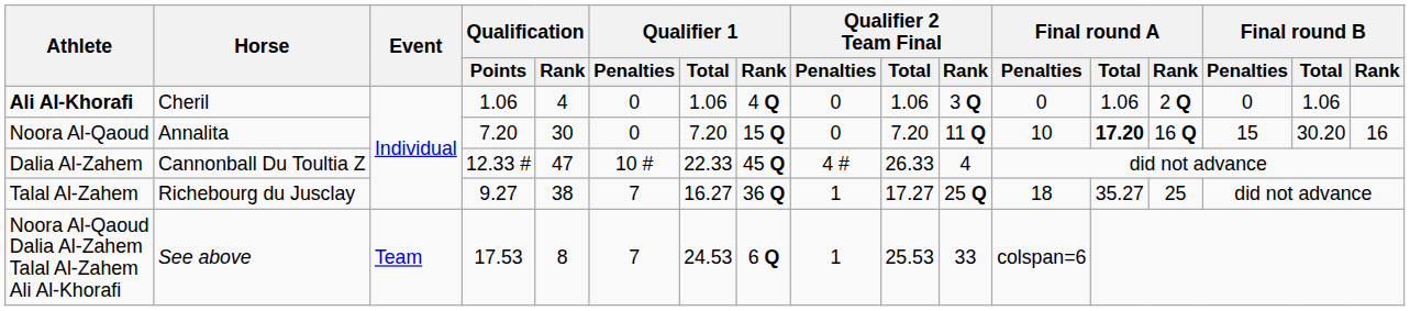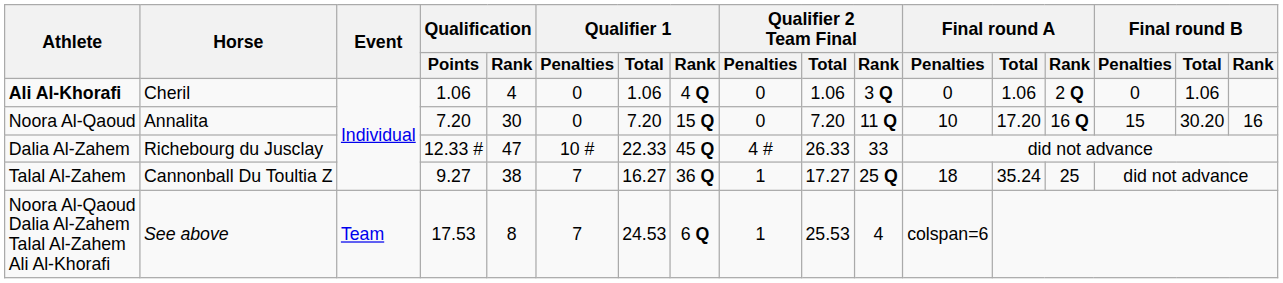 <table class=wikitable style=font-size:90%;text-align:center>
 <tr>
 <th rowspan=2>Athlete</th>
 <th rowspan=2>Horse</th>
 <th rowspan=2>Event</th>
 <th colspan=2>Qualification</th>
 <th colspan=3>Qualifier 1</th>
 <th colspan=3>Qualifier 2<br>Team Final</th>
 <th colspan=3>Final round A</th>
 <th colspan=3>Final round B</th>
 </tr>
 <tr style="font-size:95%">
 <th>Points</th>
 <th>Rank</th>
 <th>Penalties</th>
 <th>Total</th>
 <th>Rank</th>
 <th>Penalties</th>
 <th>Total</th>
 <th>Rank</th>
 <th>Penalties</th>
 <th>Total</th>
 <th>Rank</th>
 <th>Penalties</th>
 <th>Total</th>
 <th>Rank</th>
 </tr>
 <tr>
 <td align=left><strong>Ali Al-Khorafi</strong></td>
 <td align=left>Cheril</td>
 <td align=left rowspan=4><a href='#'>Individual</a></td>
 <td>1.06</td>
 <td>4</td>
 <td>0</td>
 <td>1.06</td>
 <td>4 <strong>Q</strong></td>
 <td>0</td>
 <td>1.06</td>
 <td>3 <strong>Q</strong></td>
 <td>0</td>
 <td>1.06</td>
 <td>2 <strong>Q</strong></td>
 <td>0</td>
 <td>1.06</td>
 <td></td>
 </tr>
 <tr>
 <td align=left>Noora Al-Qaoud</td>
 <td align=left>Annalita</td>
 <td>7.20</td>
 <td>30</td>
 <td>0</td>
 <td>7.20</td>
 <td>15 <strong>Q</strong></td>
 <td>0</td>
 <td>7.20</td>
 <td>11 <strong>Q</strong></td>
 <td>10</td>
-<td><strong>17.20</strong></td>
+<td>17.20</td>
 <td>16 <strong>Q</strong></td>
 <td>15</td>
 <td>30.20</td>
 <td>16</td>
 </tr>
 <tr>
 <td align=left>Dalia Al-Zahem</td>
-<td align=left>Cannonball Du Toultia Z</td>
+<td align=left>Richebourg du Jusclay</td>
 <td>12.33 #</td>
 <td>47</td>
 <td>10 #</td>
 <td>22.33</td>
 <td>45 <strong>Q</strong></td>
 <td>4 #</td>
 <td>26.33</td>
-<td>4</td>
+<td>33</td>
 <td colspan=6>did not advance</td>
 </tr>
 <tr>
 <td align=left>Talal Al-Zahem</td>
-<td align=left>Richebourg du Jusclay</td>
+<td align=left>Cannonball Du Toultia Z</td>
 <td>9.27</td>
 <td>38</td>
 <td>7</td>
 <td>16.27</td>
 <td>36 <strong>Q</strong></td>
 <td>1</td>
 <td>17.27</td>
 <td>25 <strong>Q</strong></td>
 <td>18</td>
-<td>35.27</td>
+<td>35.24</td>
 <td>25</td>
 <td colspan=3>did not advance</td>
 </tr>
 <tr>
 <td align=left>Noora Al-Qaoud<br>Dalia Al-Zahem<br>Talal Al-Zahem<br>Ali Al-Khorafi</td>
 <td align=left><em>See above</em></td>
 <td align=left><a href='#'>Team</a></td>
 <td>17.53</td>
 <td>8</td>
 <td>7</td>
 <td>24.53</td>
 <td>6 <strong>Q</strong></td>
 <td>1</td>
 <td>25.53</td>
-<td>33</td>
+<td>4</td>
 <td>colspan=6 </td>
 </tr>
 </table>
